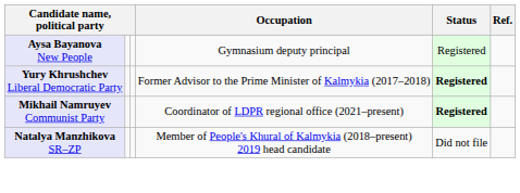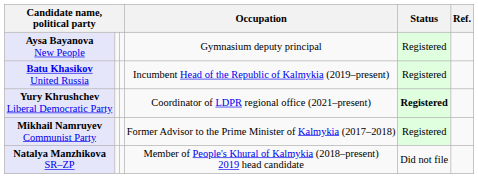 <table class="wikitable" style="text-align:center;">
 <tr>
 <th colspan="3">Candidate name,<br>political party</th>
 <th>Occupation</th>
 <th>Status</th>
 <th>Ref.</th>
 </tr>
 <tr>
 <td style="background:lavender;"><strong>Aysa Bayanova</strong><br><a href='#'>New People</a></td>
 <td style="background-color:"></td>
 <td></td>
 <td>Gymnasium deputy principal</td>
 <td bgcolor="#DFFFDF">Registered</td>
 <td></td>
 </tr>
 <tr>
+<td style="background:lavender;"><strong><a href='#'>Batu Khasikov</a></strong><br><a href='#'>United Russia</a></td>
+<td style="background-color:"></td>
+<td></td>
+<td>Incumbent <a href='#'>Head of the Republic of Kalmykia</a> (2019–present)</td>
+<td bgcolor="#DFFFDF">Registered</td>
+<td></td>
+</tr>
+<tr>
 <td style="background:lavender;"><strong>Yury Khrushchev</strong><br><a href='#'>Liberal Democratic Party</a></td>
 <td style="background-color:"></td>
 <td></td>
-<td>Former Advisor to the Prime Minister of <a href='#'>Kalmykia</a> (2017–2018)</td>
+<td>Coordinator of <a href='#'>LDPR</a> regional office (2021–present)</td>
 <td bgcolor="#DFFFDF"><strong>Registered</strong></td>
 <td></td>
 </tr>
 <tr>
 <td style="background:lavender;"><strong>Mikhail Namruyev</strong><br><a href='#'>Communist Party</a></td>
 <td style="background-color:"></td>
 <td></td>
-<td>Coordinator of <a href='#'>LDPR</a> regional office (2021–present)</td>
-<td bgcolor="#DFFFDF"><strong>Registered</strong></td>
+<td>Former Advisor to the Prime Minister of <a href='#'>Kalmykia</a> (2017–2018)</td>
+<td bgcolor="#DFFFDF">Registered</td>
 <td></td>
 </tr>
 <tr>
 <td style="background:lavender;"><strong>Natalya Manzhikova</strong><br><a href='#'>SR–ZP</a></td>
 <td style="background-color:"></td>
 <td></td>
 <td>Member of <a href='#'>People's Khural of Kalmykia</a> (2018–present)<br><a href='#'>2019</a> head candidate</td>
 <td>Did not file</td>
 <td></td>
 </tr>
 </table>
